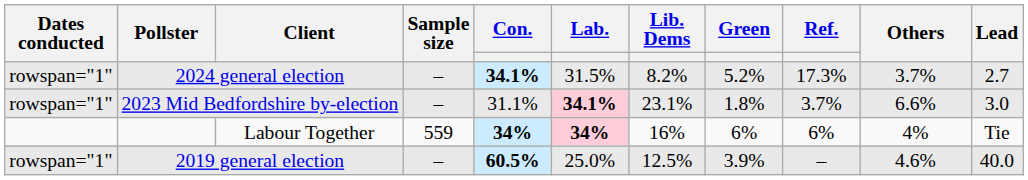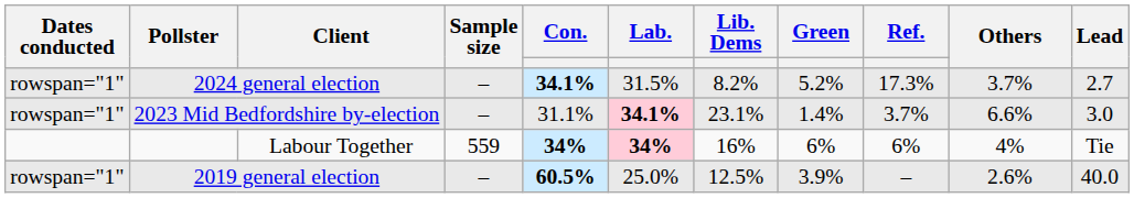 <table class="wikitable sortable mw-datatable" style="text-align:center; font-size:90%; line-height:14px;">
 <tr>
 <th rowspan="2">Dates <br>conducted</th>
 <th rowspan="2">Pollster</th>
 <th rowspan="2">Client</th>
 <th rowspan="2" data-sort-type="number">Sample <br>size</th>
 <th class="unsortable" style="width:50px;"><a href='#'>Con.</a></th>
 <th class="unsortable" style="width:50px;"><a href='#'>Lab.</a></th>
 <th class="unsortable" style="width:50px;"><a href='#'>Lib. Dems</a></th>
 <th class="unsortable" style="width:50px;"><a href='#'>Green</a></th>
 <th class="unsortable" style="width:50px;"><a href='#'>Ref.</a></th>
 <th rowspan="2" class="unsortable" style="width:75px;">Others</th>
 <th rowspan="2" data-sort-type="number">Lead</th>
 </tr>
 <tr>
 <th data-sort-type="number" style="background:"></th>
 <th data-sort-type="number" style="background:"></th>
 <th data-sort-type="number" style="background:"></th>
 <th data-sort-type="number" style="background:"></th>
 <th data-sort-type="number" style="background:"></th>
 </tr>
 <tr style="background:#e9e9e9;">
 <td>rowspan="1" </td>
 <td colspan="2" rowspan="1"><a href='#'>2024 general election</a></td>
 <td>–</td>
 <td style="background:#CCEBFF;"><strong>34.1%</strong></td>
 <td>31.5%</td>
 <td>8.2%</td>
 <td>5.2%</td>
 <td>17.3%</td>
 <td>3.7%</td>
 <td style="background:">2.7</td>
 </tr>
 <tr style="background:#e9e9e9;">
 <td>rowspan="1" </td>
 <td colspan="2" rowspan="1"><a href='#'>2023 Mid Bedfordshire by-election</a></td>
 <td>–</td>
 <td>31.1%</td>
 <td style="background:#FFCCD9;"><strong>34.1%</strong></td>
 <td>23.1%</td>
-<td>1.8%</td>
+<td>1.4%</td>
 <td>3.7%</td>
 <td>6.6%</td>
 <td style="background:">3.0</td>
 </tr>
 <tr>
 <td></td>
 <td></td>
 <td>Labour Together</td>
 <td>559</td>
 <td style="background:#CCEBFF;"><strong>34%</strong></td>
 <td style="background:#FFCCD9;"><strong>34%</strong></td>
 <td>16%</td>
 <td>6%</td>
 <td>6%</td>
 <td>4%</td>
 <td>Tie</td>
 </tr>
 <tr style="background:#e9e9e9;">
 <td>rowspan="1" </td>
 <td colspan="2" rowspan="1"><a href='#'>2019 general election</a></td>
 <td>–</td>
 <td style="background:#CCEBFF;"><strong>60.5%</strong></td>
 <td>25.0%</td>
 <td>12.5%</td>
 <td>3.9%</td>
 <td>–</td>
-<td>4.6%</td>
+<td>2.6%</td>
 <td style="background:">40.0</td>
 </tr>
 </table>
